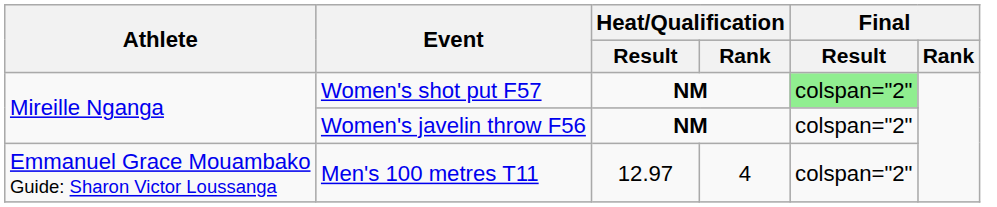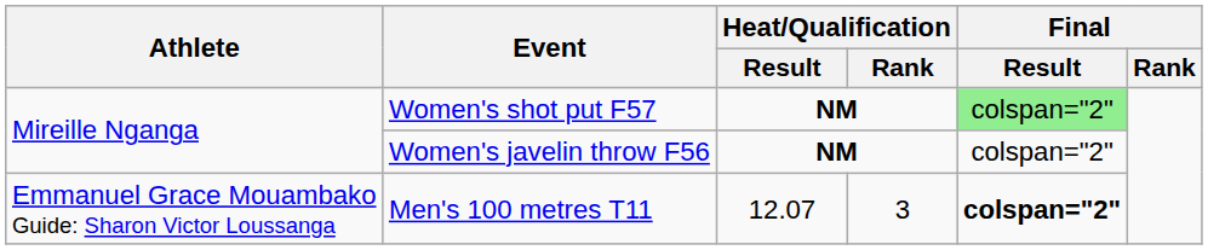 <table class="wikitable" style="text-align: center; font-size:90%">
 <tr>
 <th rowspan="2">Athlete</th>
 <th rowspan="2">Event</th>
 <th colspan="2">Heat/Qualification</th>
 <th colspan="2">Final</th>
 </tr>
 <tr style="font-size:95%">
 <th>Result</th>
 <th>Rank</th>
 <th>Result</th>
 <th>Rank</th>
 </tr>
 <tr>
 <td align=left rowspan="2"><a href='#'>Mireille Nganga</a></td>
 <td align=left><a href='#'>Women's shot put F57</a></td>
 <td colspan="2"><strong><abbr>NM</abbr></strong></td>
 <td style="background: lightgreen;">colspan="2" </td>
 </tr>
 <tr>
 <td align=left><a href='#'>Women's javelin throw F56</a></td>
 <td colspan="2"><strong><abbr>NM</abbr></strong></td>
 <td>colspan="2" </td>
 </tr>
 <tr>
 <td align=left><a href='#'>Emmanuel Grace Mouambako</a><br><small>Guide: <a href='#'>Sharon Victor Loussanga</a></small></td>
 <td align=left><a href='#'>Men's 100 metres T11</a></td>
-<td>12.97</td>
-<td>4</td>
-<td>colspan="2" </td>
+<td>12.07</td>
+<td>3</td>
+<td><strong>colspan="2" </strong></td>
 </tr>
 </table>
